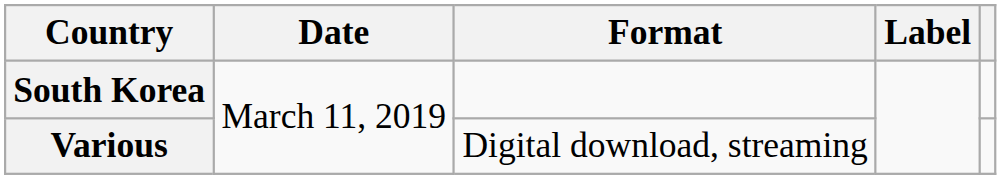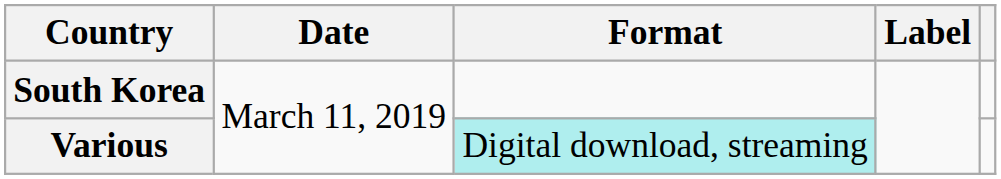 <table class="wikitable plainrowheaders">
 <tr>
 <th>Country</th>
 <th>Date</th>
 <th>Format</th>
 <th>Label</th>
 <th></th>
 </tr>
 <tr>
 <th scope="row">South Korea</th>
 <td rowspan="2">March 11, 2019</td>
 <td></td>
 <td rowspan="2"></td>
 <td></td>
 </tr>
 <tr>
 <th scope="row">Various</th>
-<td>Digital download, streaming</td>
+<td style="background: paleturquoise;">Digital download, streaming</td>
 <td></td>
 </tr>
 </table>
